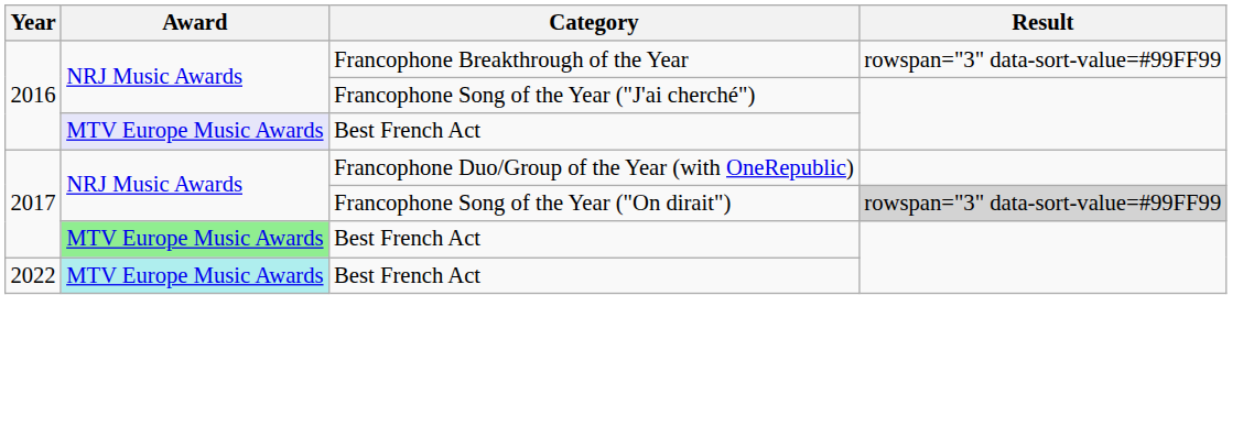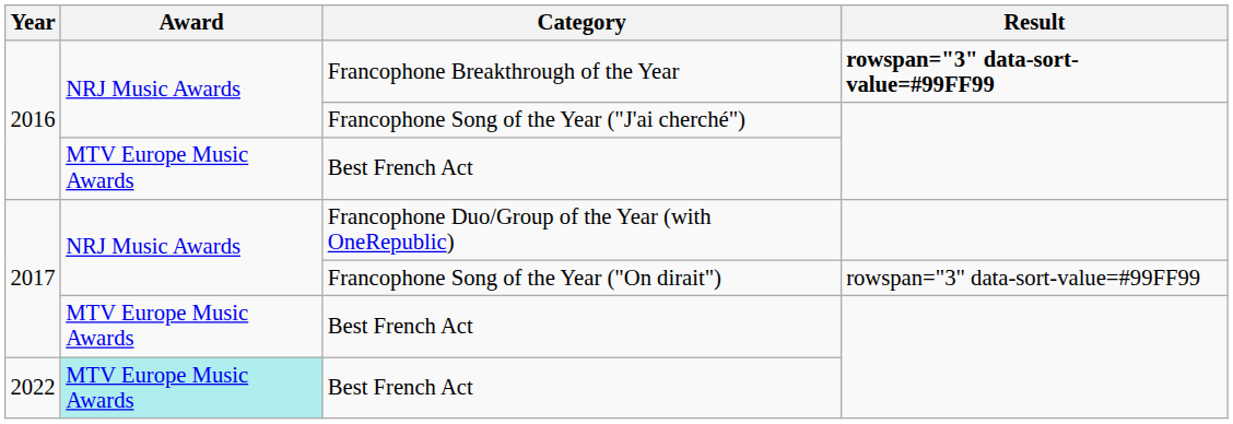 <table class="wikitable">
 <tr>
 <th>Year</th>
 <th>Award</th>
 <th>Category</th>
 <th>Result</th>
 </tr>
 <tr>
 <td rowspan="3">2016</td>
 <td rowspan="2"><a href='#'>NRJ Music Awards</a></td>
 <td>Francophone Breakthrough of the Year</td>
-<td>rowspan="3" data-sort-value=#99FF99 </td>
+<td><strong>rowspan="3" data-sort-value=#99FF99 </strong></td>
 </tr>
 <tr>
 <td>Francophone Song of the Year ("J'ai cherché")</td>
 </tr>
 <tr>
-<td style="background: lavender;"><a href='#'>MTV Europe Music Awards</a></td>
+<td><a href='#'>MTV Europe Music Awards</a></td>
 <td>Best French Act</td>
 </tr>
 <tr>
 <td rowspan="3">2017</td>
 <td rowspan="2"><a href='#'>NRJ Music Awards</a></td>
 <td>Francophone Duo/Group of the Year (with <a href='#'>OneRepublic</a>)</td>
 <td></td>
 </tr>
 <tr>
 <td>Francophone Song of the Year ("On dirait")</td>
-<td style="background: lightgrey;">rowspan="3" data-sort-value=#99FF99 </td>
+<td>rowspan="3" data-sort-value=#99FF99 </td>
 </tr>
 <tr>
-<td style="background: lightgreen;"><a href='#'>MTV Europe Music Awards</a></td>
+<td><a href='#'>MTV Europe Music Awards</a></td>
 <td>Best French Act</td>
 </tr>
 <tr>
 <td>2022</td>
 <td style="background: paleturquoise;"><a href='#'>MTV Europe Music Awards</a></td>
 <td>Best French Act</td>
 </tr>
 </table>
